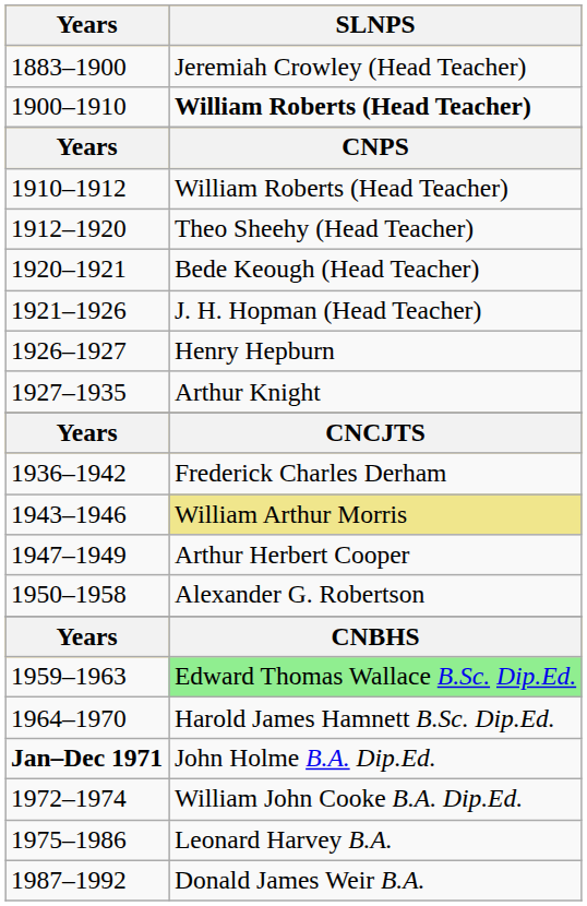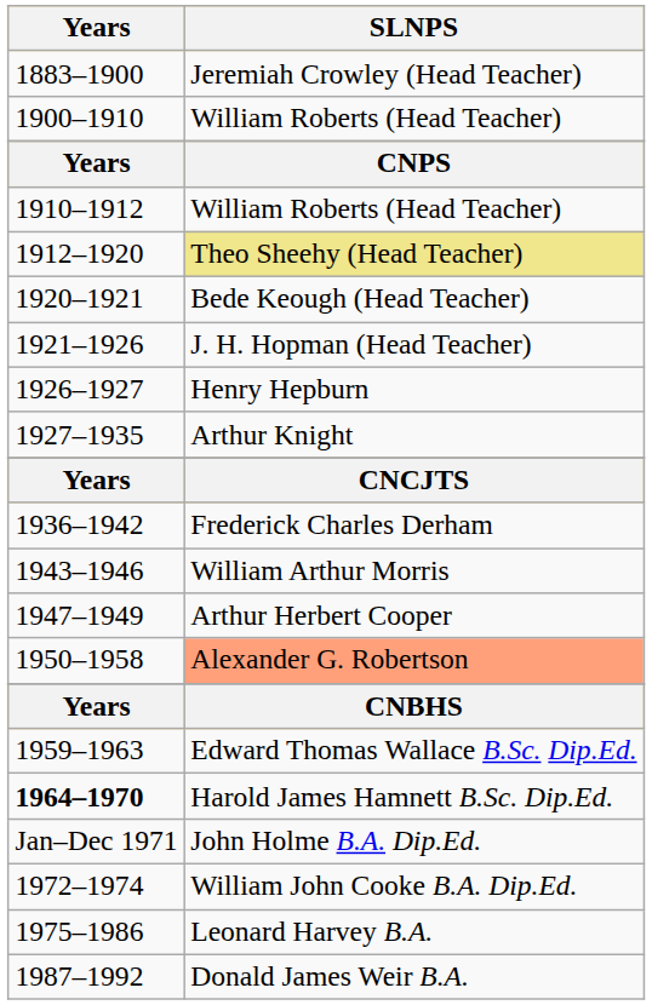 <table class="wikitable" style="margin:1em auto;">
 <tr style="background:#fc3;">
 <th>Years</th>
 <th>SLNPS</th>
 </tr>
 <tr>
 <td>1883–1900</td>
 <td>Jeremiah Crowley (Head Teacher)</td>
 </tr>
 <tr>
 <td>1900–1910</td>
-<td><strong>William Roberts (Head Teacher)</strong></td>
+<td>William Roberts (Head Teacher)</td>
 </tr>
 <tr>
 </tr>
 <tr style="background:#fc3;">
 <th>Years</th>
 <th>CNPS</th>
 </tr>
 <tr>
 <td>1910–1912</td>
 <td>William Roberts (Head Teacher)</td>
 </tr>
 <tr>
 <td>1912–1920</td>
-<td>Theo Sheehy (Head Teacher)</td>
+<td style="background: khaki;">Theo Sheehy (Head Teacher)</td>
 </tr>
 <tr>
 <td>1920–1921</td>
 <td>Bede Keough (Head Teacher)</td>
 </tr>
 <tr>
 <td>1921–1926</td>
 <td>J. H. Hopman (Head Teacher)</td>
 </tr>
 <tr>
 <td>1926–1927</td>
 <td>Henry Hepburn</td>
 </tr>
 <tr>
 <td>1927–1935</td>
 <td>Arthur Knight</td>
 </tr>
 <tr>
 </tr>
 <tr style="background:#fc3;">
 <th>Years</th>
 <th>CNCJTS</th>
 </tr>
 <tr>
 <td>1936–1942</td>
 <td>Frederick Charles Derham</td>
 </tr>
 <tr>
 <td>1943–1946</td>
-<td style="background: khaki;">William Arthur Morris</td>
+<td>William Arthur Morris</td>
 </tr>
 <tr>
 <td>1947–1949</td>
 <td>Arthur Herbert Cooper</td>
 </tr>
 <tr>
 <td>1950–1958</td>
-<td>Alexander G. Robertson</td>
+<td style="background: lightsalmon;">Alexander G. Robertson</td>
 </tr>
 <tr>
 </tr>
 <tr style="background:#fc3;">
 <th>Years</th>
 <th>CNBHS</th>
 </tr>
 <tr>
 <td>1959–1963</td>
-<td style="background: lightgreen;">Edward Thomas Wallace <em><a href='#'>B.Sc.</a> <a href='#'>Dip.Ed.</a></em></td>
+<td>Edward Thomas Wallace <em><a href='#'>B.Sc.</a> <a href='#'>Dip.Ed.</a></em></td>
 </tr>
 <tr>
-<td>1964–1970</td>
+<td><strong>1964–1970</strong></td>
 <td>Harold James Hamnett <em>B.Sc. Dip.Ed.</em></td>
 </tr>
 <tr>
-<td><strong>Jan–Dec 1971</strong></td>
+<td>Jan–Dec 1971</td>
 <td>John Holme <em><a href='#'>B.A.</a> Dip.Ed.</em></td>
 </tr>
 <tr>
 <td>1972–1974</td>
 <td>William John Cooke <em>B.A. Dip.Ed.</em></td>
 </tr>
 <tr>
 <td>1975–1986</td>
 <td>Leonard Harvey <em>B.A.</em></td>
 </tr>
 <tr>
 <td>1987–1992</td>
 <td>Donald James Weir <em>B.A.</em></td>
 </tr>
 </table>
